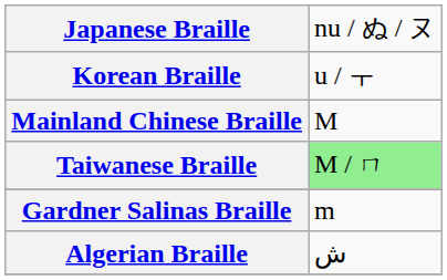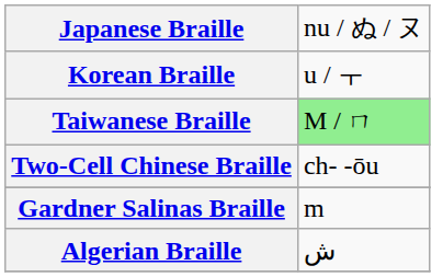 <table class="wikitable">
 <tr>
 <th align=left><a href='#'>Japanese Braille</a></th>
 <td>nu / ぬ / ヌ </td>
 </tr>
 <tr>
 <th align=left><a href='#'>Korean Braille</a></th>
 <td>u / ㅜ </td>
 </tr>
 <tr>
-<th align=left><a href='#'>Mainland Chinese Braille</a></th>
-<td>M </td>
+<th align=left><a href='#'>Taiwanese Braille</a></th>
+<td style="background: lightgreen;">M / ㄇ</td>
 </tr>
 <tr>
-<th align=left><a href='#'>Taiwanese Braille</a></th>
-<td style="background: lightgreen;">M / ㄇ</td>
+<th align=left><a href='#'>Two-Cell Chinese Braille</a></th>
+<td>ch- -ōu</td>
 </tr>
 <tr>
 </tr>
 <tr>
 <th align=left><a href='#'>Gardner Salinas Braille</a></th>
 <td>m </td>
 </tr>
 <tr>
 <th align=left><a href='#'>Algerian Braille</a></th>
 <td>ش ‎</td>
 </tr>
 <tr>
 </tr>
 </table>
